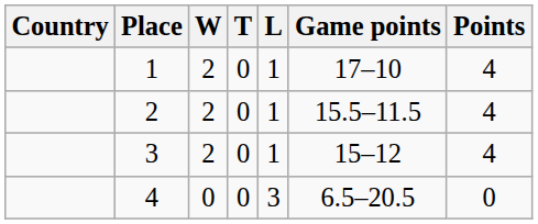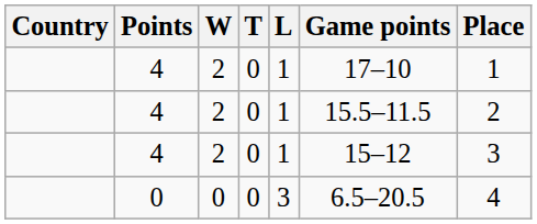 <table class="wikitable sortable" style="text-align:center">
 <tr>
 <th>Country</th>
-<th>Place</th>
+<th>Points</th>
 <th>W</th>
 <th>T</th>
 <th>L</th>
 <th>Game points</th>
-<th>Points</th>
+<th>Place</th>
 </tr>
 <tr>
 <td align=left></td>
-<td>1</td>
+<td>4</td>
 <td>2</td>
 <td>0</td>
 <td>1</td>
 <td>17–10</td>
-<td>4</td>
+<td>1</td>
 </tr>
 <tr>
 <td align=left></td>
-<td>2</td>
+<td>4</td>
 <td>2</td>
 <td>0</td>
 <td>1</td>
 <td>15.5–11.5</td>
-<td>4</td>
+<td>2</td>
 </tr>
 <tr>
 <td align=left></td>
-<td>3</td>
+<td>4</td>
 <td>2</td>
 <td>0</td>
 <td>1</td>
 <td>15–12</td>
-<td>4</td>
+<td>3</td>
 </tr>
 <tr>
 <td align=left></td>
-<td>4</td>
+<td>0</td>
 <td>0</td>
 <td>0</td>
 <td>3</td>
 <td>6.5–20.5</td>
-<td>0</td>
+<td>4</td>
 </tr>
 </table>
